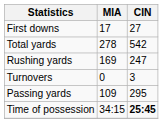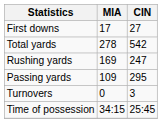 <table class="wikitable">
 <tr>
 <th>Statistics</th>
 <th>MIA</th>
 <th>CIN</th>
 </tr>
 <tr>
 <td>First downs</td>
 <td>17</td>
 <td>27</td>
 </tr>
 <tr>
 <td>Total yards</td>
 <td>278</td>
 <td>542</td>
 </tr>
 <tr>
 <td>Rushing yards</td>
 <td>169</td>
 <td>247</td>
 </tr>
 <tr>
+<td>Passing yards</td>
+<td>109</td>
+<td>295</td>
+</tr>
+<tr>
 <td>Turnovers</td>
 <td>0</td>
 <td>3</td>
 </tr>
 <tr>
-<td>Passing yards</td>
-<td>109</td>
-<td>295</td>
-</tr>
-<tr>
 <td>Time of possession</td>
 <td>34:15</td>
-<td><strong>25:45</strong></td>
+<td>25:45</td>
 </tr>
 <tr>
 </tr>
 </table>
